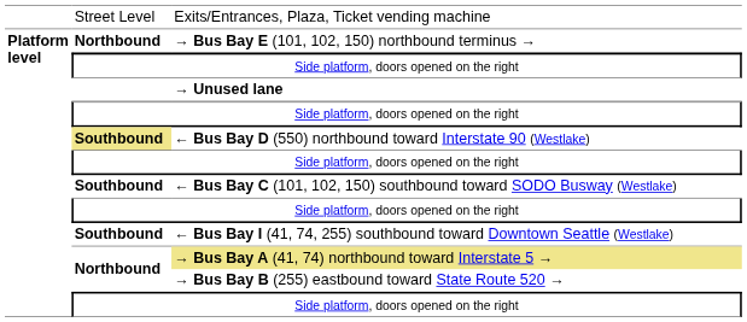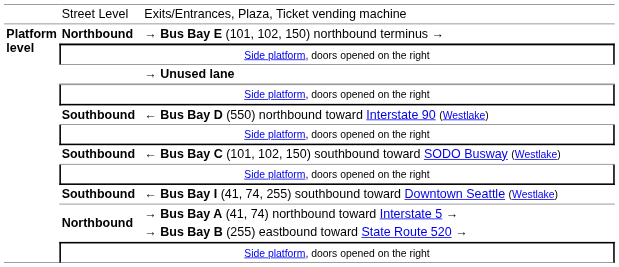 <table border=0 cellspacing=0 cellpadding=3>
 <tr>
 <td style="border-bottom:solid 1px gray;border-top:solid 1px gray;" width=50 valign=top></td>
 <td style="border-bottom:solid 1px gray;border-top:solid 1px gray;" width=100 valign=top>Street Level</td>
 <td style="border-bottom:solid 1px gray;border-top:solid 1px gray;" width=600 valign=top>Exits/Entrances, Plaza, Ticket vending machine</td>
 </tr>
 <tr>
 <td style="border-bottom:solid 1px gray;" width=50 rowspan=12 valign=top><strong>Platform<br>level</strong></td>
 <td style="border-bottom:solid 1px gray;" width=100><strong>Northbound</strong></td>
 <td style="border-bottom:solid 1px gray;" width=600><span>→</span> <strong>Bus Bay E</strong> (101, 102, 150) northbound terminus →</td>
 </tr>
 <tr>
 <td style="border-top:solid 2px black;border-right:solid 2px black;border-left:solid 2px black;border-bottom:solid 1px gray;text-align:center;" colspan=2><small><a href='#'>Side platform</a>, doors opened on the right</small></td>
 </tr>
 <tr>
 <td style="border-bottom:solid 1px gray;" width=100> </td>
 <td style="border-bottom:solid 1px gray;" width=600><span>→</span> <strong>Unused lane</strong></td>
 </tr>
 <tr>
 <td style="border-top:solid 1px gray;border-right:solid 2px black;border-left:solid 2px black;border-bottom:solid 2px black;text-align:center;" colspan=2><small><a href='#'>Side platform</a>, doors opened on the right</small></td>
 </tr>
 <tr>
-<td style="background: khaki; border-bottom:solid 1px gray;" width=100><strong>Southbound</strong></td>
+<td style="border-bottom:solid 1px gray;" width=100><strong>Southbound</strong></td>
 <td style="border-bottom:solid 1px gray;" width=600>← <strong>Bus Bay D</strong> (550) northbound toward <a href='#'>Interstate 90</a> <small>(<a href='#'>Westlake</a>)</small></td>
 </tr>
 <tr>
 <td style="border-bottom:solid 1px gray;border-right:solid 2px black;border-left:solid 2px black;border-bottom:solid 2px black;text-align:center;" colspan=2><small><a href='#'>Side platform</a>, doors opened on the right</small></td>
 </tr>
 <tr>
 <td style="border-bottom:solid 1px gray;" width=100><strong>Southbound</strong></td>
 <td style="border-bottom:solid 1px gray;" width=600>← <strong>Bus Bay C</strong> (101, 102, 150) southbound toward <a href='#'>SODO Busway</a> <small>(<a href='#'>Westlake</a>)</small></td>
 </tr>
 <tr>
 <td style="border-bottom:solid 1px gray;border-right:solid 2px black;border-left:solid 2px black;border-bottom:solid 2px black;text-align:center;" colspan=2><small><a href='#'>Side platform</a>, doors opened on the right</small></td>
 </tr>
 <tr>
 <td style="border-bottom:solid 1px gray;" width=100><strong>Southbound</strong></td>
 <td style="border-bottom:solid 1px gray;" width=600>← <strong>Bus Bay I</strong> (41, 74, 255) southbound toward <a href='#'>Downtown Seattle</a> <small>(<a href='#'>Westlake</a>)</small></td>
 </tr>
 <tr>
 <td style="border-bottom:solid 0px gray;" width=100 rowspan=2><strong>Northbound</strong></td>
-<td style="background: khaki; border-bottom:solid 0px gray;" width=600><span>→</span> <strong>Bus Bay A</strong> (41, 74) northbound toward <a href='#'>Interstate 5</a> →</td>
+<td style="border-bottom:solid 0px gray;" width=600><span>→</span> <strong>Bus Bay A</strong> (41, 74) northbound toward <a href='#'>Interstate 5</a> →</td>
 </tr>
 <tr>
 <td style="border-bottom:solid 0px gray;" width=600><span>→</span> <strong>Bus Bay B</strong> (255) eastbound toward <a href='#'>State Route 520</a> →</td>
 </tr>
 <tr>
 <td style="border-top:solid 2px black;border-right:solid 2px black;border-left:solid 2px black;border-bottom:solid 1px gray;text-align:center;" colspan=2><small><a href='#'>Side platform</a>, doors opened on the right</small></td>
 </tr>
 </table>
